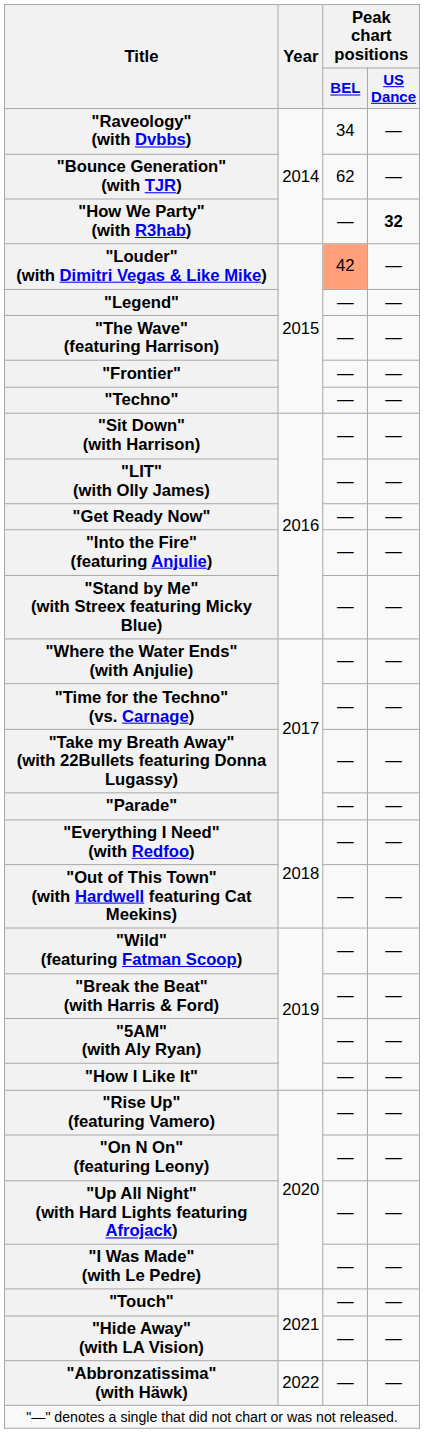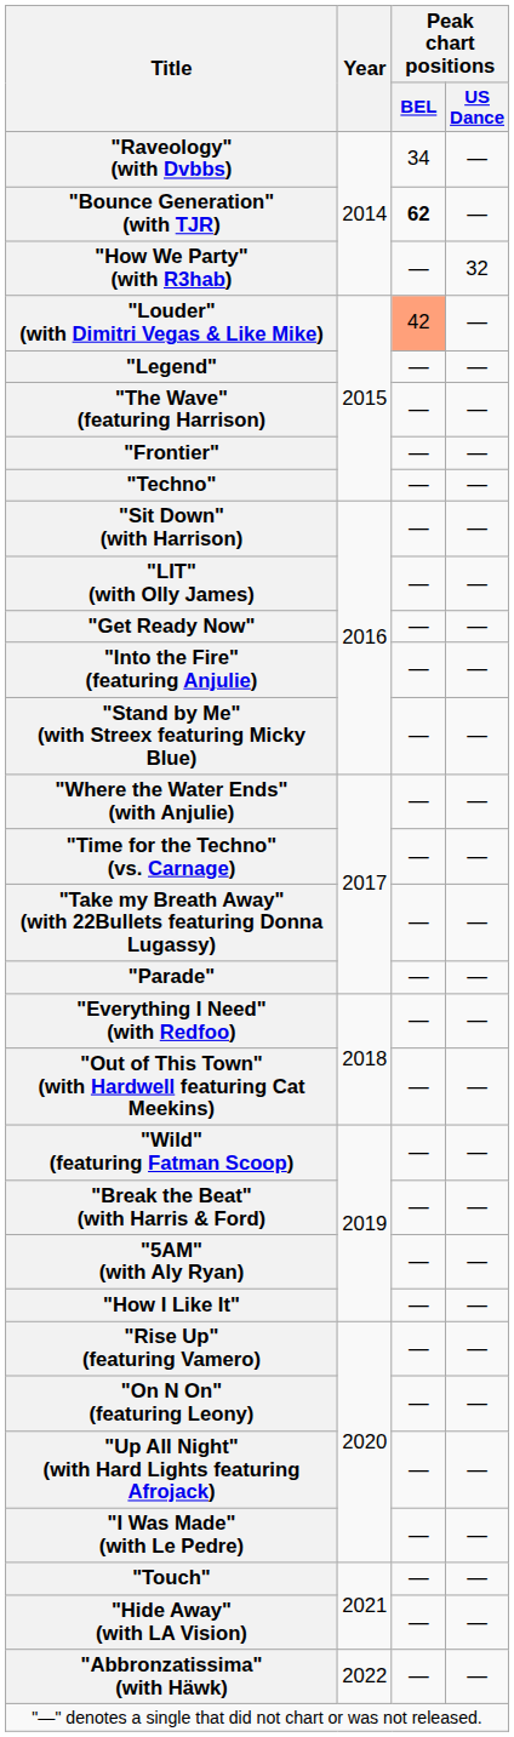 <table class="wikitable plainrowheaders" style="text-align:center;">
 <tr>
 <th scope="col" rowspan="2" style="width:16em;">Title</th>
 <th scope="col" rowspan="2">Year</th>
 <th scope="col" colspan="2">Peak<br>chart<br>positions</th>
 </tr>
 <tr>
 <th scope="col" style="width:2.5em;font-size:90%;"><a href='#'>BEL</a><br></th>
 <th scope="col" style="width:2.5em;font-size:90%;"><a href='#'>US Dance</a><br></th>
 </tr>
 <tr>
 <th scope="row">"Raveology"<br><span>(with <a href='#'>Dvbbs</a>)</span></th>
 <td rowspan="3">2014</td>
 <td>34</td>
 <td>—</td>
 </tr>
 <tr>
 <th scope="row">"Bounce Generation"<br><span>(with <a href='#'>TJR</a>)</span></th>
-<td>62</td>
+<td><strong>62</strong></td>
 <td>—</td>
 </tr>
 <tr>
 <th scope="row">"How We Party"<br><span>(with <a href='#'>R3hab</a>)</span></th>
 <td>—</td>
-<td><strong>32</strong></td>
+<td>32</td>
 </tr>
 <tr>
 <th scope="row">"Louder"<br><span>(with <a href='#'>Dimitri Vegas & Like Mike</a>)</span></th>
 <td rowspan="5">2015</td>
 <td style="background: lightsalmon;">42</td>
 <td>—</td>
 </tr>
 <tr>
 <th scope="row">"Legend"</th>
 <td>—</td>
 <td>—</td>
 </tr>
 <tr>
 <th scope="row">"The Wave"<br><span>(featuring Harrison)</span></th>
 <td>—</td>
 <td>—</td>
 </tr>
 <tr>
 <th scope="row">"Frontier"</th>
 <td>—</td>
 <td>—</td>
 </tr>
 <tr>
 <th scope="row">"Techno"</th>
 <td>—</td>
 <td>—</td>
 </tr>
 <tr>
 <th scope="row">"Sit Down"<br><span>(with Harrison)</span></th>
 <td rowspan="5">2016</td>
 <td>—</td>
 <td>—</td>
 </tr>
 <tr>
 <th scope="row">"LIT"<br><span>(with Olly James)</span></th>
 <td>—</td>
 <td>—</td>
 </tr>
 <tr>
 <th scope="row">"Get Ready Now"</th>
 <td>—</td>
 <td>—</td>
 </tr>
 <tr>
 <th scope="row">"Into the Fire"<br><span>(featuring <a href='#'>Anjulie</a>)</span></th>
 <td>—</td>
 <td>—</td>
 </tr>
 <tr>
 <th scope="row">"Stand by Me"<br><span>(with Streex featuring Micky Blue)</span></th>
 <td>—</td>
 <td>—</td>
 </tr>
 <tr>
 <th scope="row">"Where the Water Ends"<br><span>(with Anjulie)</span></th>
 <td rowspan="4">2017</td>
 <td>—</td>
 <td>—</td>
 </tr>
 <tr>
 <th scope="row">"Time for the Techno"<br><span>(vs. <a href='#'>Carnage</a>)</span></th>
 <td>—</td>
 <td>—</td>
 </tr>
 <tr>
 <th scope="row">"Take my Breath Away"<br><span>(with 22Bullets featuring Donna Lugassy)</span></th>
 <td>—</td>
 <td>—</td>
 </tr>
 <tr>
 <th scope="row">"Parade"</th>
 <td>—</td>
 <td>—</td>
 </tr>
 <tr>
 <th scope="row">"Everything I Need"<br><span>(with <a href='#'>Redfoo</a>)</span></th>
 <td rowspan="2">2018</td>
 <td>—</td>
 <td>—</td>
 </tr>
 <tr>
 <th scope="row">"Out of This Town" <br><span>(with <a href='#'>Hardwell</a> featuring Cat Meekins)</span><br></th>
 <td>—</td>
 <td>—</td>
 </tr>
 <tr>
 <th scope="row">"Wild" <br><span>(featuring <a href='#'>Fatman Scoop</a>)</span></th>
 <td rowspan="4">2019</td>
 <td>—</td>
 <td>—</td>
 </tr>
 <tr>
 <th scope="row">"Break the Beat" <br><span>(with Harris & Ford)</span></th>
 <td>—</td>
 <td>—</td>
 </tr>
 <tr>
 <th scope="row">"5AM" <br><span>(with Aly Ryan)</span></th>
 <td>—</td>
 <td>—</td>
 </tr>
 <tr>
 <th scope="row">"How I Like It"</th>
 <td>—</td>
 <td>—</td>
 </tr>
 <tr>
 <th scope="row">"Rise Up" <br><span>(featuring Vamero)</span></th>
 <td rowspan="4">2020</td>
 <td>—</td>
 <td>—</td>
 </tr>
 <tr>
 <th scope="row">"On N On" <br><span>(featuring Leony)</span></th>
 <td>—</td>
 <td>—</td>
 </tr>
 <tr>
 <th scope="row">"Up All Night" <br><span>(with Hard Lights featuring <a href='#'>Afrojack</a>)</span></th>
 <td>—</td>
 <td>—</td>
 </tr>
 <tr>
 <th scope="row">"I Was Made" <br><span>(with Le Pedre)</span></th>
 <td>—</td>
 <td>—</td>
 </tr>
 <tr>
 <th scope="row">"Touch"</th>
 <td rowspan="2">2021</td>
 <td>—</td>
 <td>—</td>
 </tr>
 <tr>
 <th scope="row">"Hide Away" <br><span>(with LA Vision)</span></th>
 <td>—</td>
 <td>—</td>
 </tr>
 <tr>
 <th scope="row">"Abbronzatissima" <br><span>(with Häwk)</span></th>
 <td>2022</td>
 <td>—</td>
 <td>—</td>
 </tr>
 <tr>
 <td colspan="6" style="font-size:85%">"—" denotes a single that did not chart or was not released.</td>
 </tr>
 </table>
